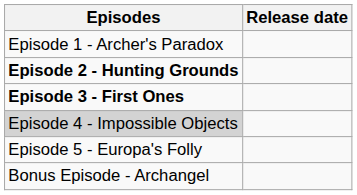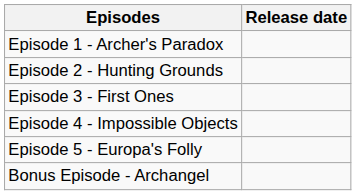 <table class="wikitable">
 <tr>
 <th>Episodes</th>
 <th>Release date</th>
 </tr>
 <tr>
 <td>Episode 1 - Archer's Paradox</td>
 <td></td>
 </tr>
 <tr>
-<td><strong>Episode 2 - Hunting Grounds</strong></td>
+<td>Episode 2 - Hunting Grounds</td>
 <td></td>
 </tr>
 <tr>
-<td><strong>Episode 3 - First Ones</strong></td>
+<td>Episode 3 - First Ones</td>
 <td></td>
 </tr>
 <tr>
-<td style="background: lightgrey;">Episode 4 - Impossible Objects</td>
+<td>Episode 4 - Impossible Objects</td>
 <td></td>
 </tr>
 <tr>
 <td>Episode 5 - Europa's Folly</td>
 <td></td>
 </tr>
 <tr>
 <td>Bonus Episode - Archangel</td>
 <td></td>
 </tr>
 </table>
